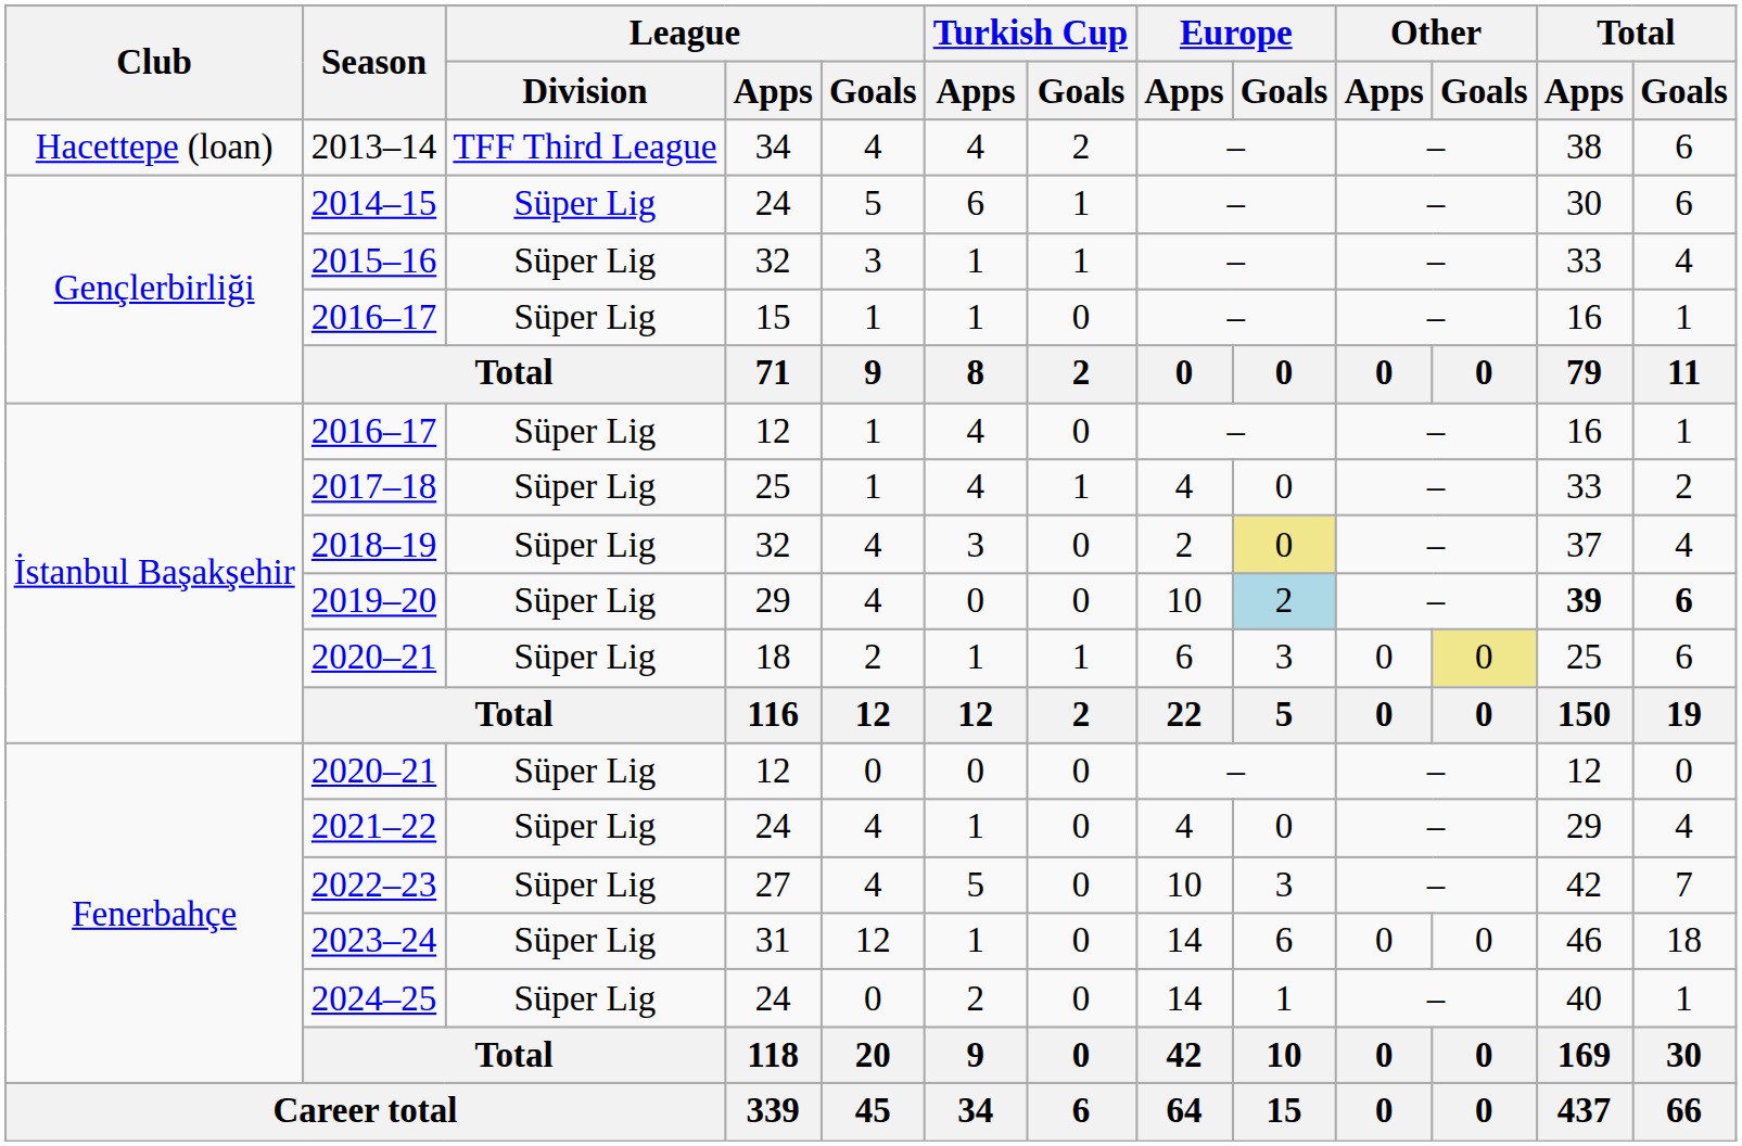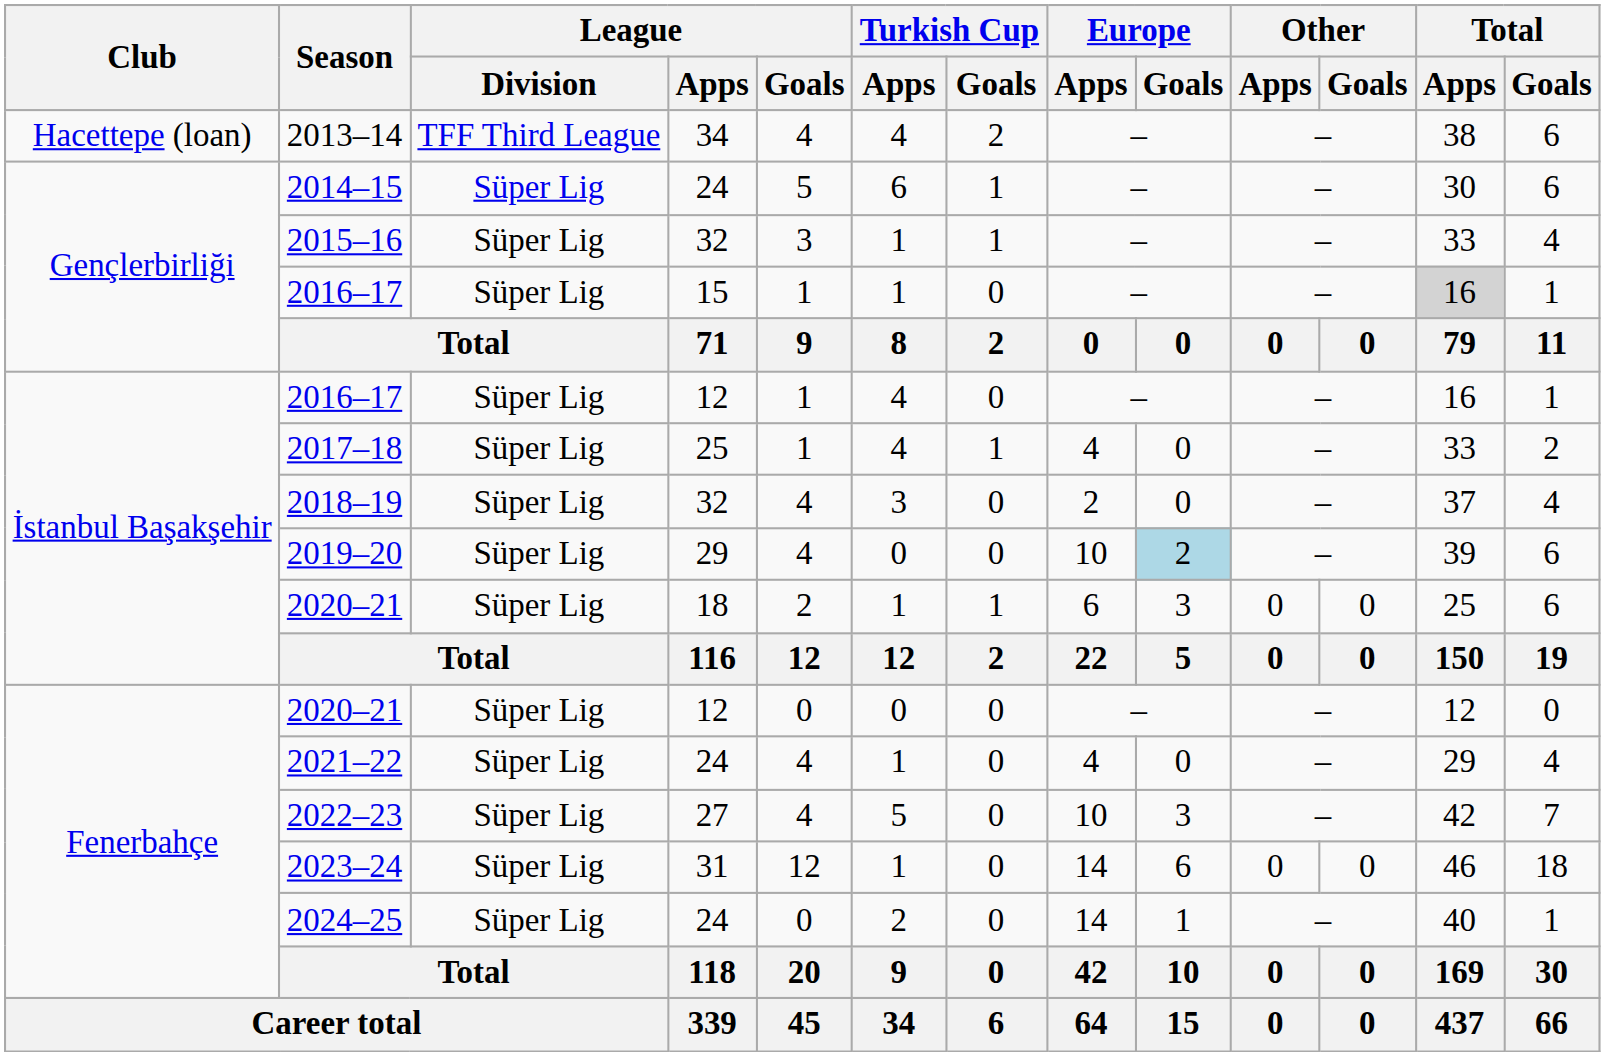 <table class="wikitable" style="text-align:center">
 <tr>
 <th rowspan="2">Club</th>
 <th rowspan="2">Season</th>
 <th colspan="3">League</th>
 <th colspan="2"><a href='#'>Turkish Cup</a></th>
 <th colspan="2"><a href='#'>Europe</a></th>
 <th colspan="2">Other</th>
 <th colspan="2">Total</th>
 </tr>
 <tr>
 <th>Division</th>
 <th>Apps</th>
 <th>Goals</th>
 <th>Apps</th>
 <th>Goals</th>
 <th>Apps</th>
 <th>Goals</th>
 <th>Apps</th>
 <th>Goals</th>
 <th>Apps</th>
 <th>Goals</th>
 </tr>
 <tr>
 <td><a href='#'>Hacettepe</a> (loan)</td>
 <td>2013–14</td>
 <td><a href='#'>TFF Third League</a></td>
 <td>34</td>
 <td>4</td>
 <td>4</td>
 <td>2</td>
 <td colspan="2">–</td>
 <td colspan="2">–</td>
 <td>38</td>
 <td>6</td>
 </tr>
 <tr>
 <td rowspan="4"><a href='#'>Gençlerbirliği</a></td>
 <td><a href='#'>2014–15</a></td>
 <td><a href='#'>Süper Lig</a></td>
 <td>24</td>
 <td>5</td>
 <td>6</td>
 <td>1</td>
 <td colspan="2">–</td>
 <td colspan="2">–</td>
 <td>30</td>
 <td>6</td>
 </tr>
 <tr>
 <td><a href='#'>2015–16</a></td>
 <td>Süper Lig</td>
 <td>32</td>
 <td>3</td>
 <td>1</td>
 <td>1</td>
 <td colspan="2">–</td>
 <td colspan="2">–</td>
 <td>33</td>
 <td>4</td>
 </tr>
 <tr>
 <td><a href='#'>2016–17</a></td>
 <td>Süper Lig</td>
 <td>15</td>
 <td>1</td>
 <td>1</td>
 <td>0</td>
 <td colspan="2">–</td>
 <td colspan="2">–</td>
-<td>16</td>
+<td style="background: lightgrey;">16</td>
 <td>1</td>
 </tr>
 <tr>
 <th colspan="2">Total</th>
 <th>71</th>
 <th>9</th>
 <th>8</th>
 <th>2</th>
 <th>0</th>
 <th>0</th>
 <th>0</th>
 <th>0</th>
 <th>79</th>
 <th>11</th>
 </tr>
 <tr>
 <td rowspan="6"><a href='#'>İstanbul Başakşehir</a></td>
 <td><a href='#'>2016–17</a></td>
 <td>Süper Lig</td>
 <td>12</td>
 <td>1</td>
 <td>4</td>
 <td>0</td>
 <td colspan="2">–</td>
 <td colspan="2">–</td>
 <td>16</td>
 <td>1</td>
 </tr>
 <tr>
 <td><a href='#'>2017–18</a></td>
 <td>Süper Lig</td>
 <td>25</td>
 <td>1</td>
 <td>4</td>
 <td>1</td>
 <td>4</td>
 <td>0</td>
 <td colspan="2">–</td>
 <td>33</td>
 <td>2</td>
 </tr>
 <tr>
 <td><a href='#'>2018–19</a></td>
 <td>Süper Lig</td>
 <td>32</td>
 <td>4</td>
 <td>3</td>
 <td>0</td>
 <td>2</td>
-<td style="background: khaki;">0</td>
+<td>0</td>
 <td colspan="2">–</td>
 <td>37</td>
 <td>4</td>
 </tr>
 <tr>
 <td><a href='#'>2019–20</a></td>
 <td>Süper Lig</td>
 <td>29</td>
 <td>4</td>
 <td>0</td>
 <td>0</td>
 <td>10</td>
 <td style="background: lightblue;">2</td>
 <td colspan="2">–</td>
-<td><strong>39</strong></td>
-<td><strong>6</strong></td>
+<td>39</td>
+<td>6</td>
 </tr>
 <tr>
 <td><a href='#'>2020–21</a></td>
 <td>Süper Lig</td>
 <td>18</td>
 <td>2</td>
 <td>1</td>
 <td>1</td>
 <td>6</td>
 <td>3</td>
 <td>0</td>
-<td style="background: khaki;">0</td>
+<td>0</td>
 <td>25</td>
 <td>6</td>
 </tr>
 <tr>
 <th colspan="2">Total</th>
 <th>116</th>
 <th>12</th>
 <th>12</th>
 <th>2</th>
 <th>22</th>
 <th>5</th>
 <th>0</th>
 <th>0</th>
 <th>150</th>
 <th>19</th>
 </tr>
 <tr>
 <td rowspan="6"><a href='#'>Fenerbahçe</a></td>
 <td><a href='#'>2020–21</a></td>
 <td>Süper Lig</td>
 <td>12</td>
 <td>0</td>
 <td>0</td>
 <td>0</td>
 <td colspan="2">–</td>
 <td colspan="2">–</td>
 <td>12</td>
 <td>0</td>
 </tr>
 <tr>
 <td><a href='#'>2021–22</a></td>
 <td>Süper Lig</td>
 <td>24</td>
 <td>4</td>
 <td>1</td>
 <td>0</td>
 <td>4</td>
 <td>0</td>
 <td colspan="2">–</td>
 <td>29</td>
 <td>4</td>
 </tr>
 <tr>
 <td><a href='#'>2022–23</a></td>
 <td>Süper Lig</td>
 <td>27</td>
 <td>4</td>
 <td>5</td>
 <td>0</td>
 <td>10</td>
 <td>3</td>
 <td colspan="2">–</td>
 <td>42</td>
 <td>7</td>
 </tr>
 <tr>
 <td><a href='#'>2023–24</a></td>
 <td>Süper Lig</td>
 <td>31</td>
 <td>12</td>
 <td>1</td>
 <td>0</td>
 <td>14</td>
 <td>6</td>
 <td>0</td>
 <td>0</td>
 <td>46</td>
 <td>18</td>
 </tr>
 <tr>
 <td><a href='#'>2024–25</a></td>
 <td>Süper Lig</td>
 <td>24</td>
 <td>0</td>
 <td>2</td>
 <td>0</td>
 <td>14</td>
 <td>1</td>
 <td colspan="2">–</td>
 <td>40</td>
 <td>1</td>
 </tr>
 <tr>
 <th colspan="2">Total</th>
 <th>118</th>
 <th>20</th>
 <th>9</th>
 <th>0</th>
 <th>42</th>
 <th>10</th>
 <th>0</th>
 <th>0</th>
 <th>169</th>
 <th>30</th>
 </tr>
 <tr>
 <th colspan="3">Career total</th>
 <th>339</th>
 <th>45</th>
 <th>34</th>
 <th>6</th>
 <th>64</th>
 <th>15</th>
 <th>0</th>
 <th>0</th>
 <th>437</th>
 <th>66</th>
 </tr>
 </table>
